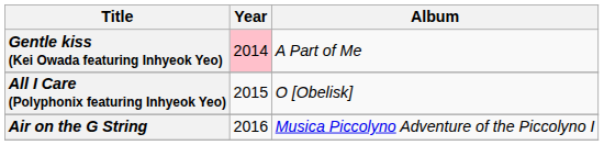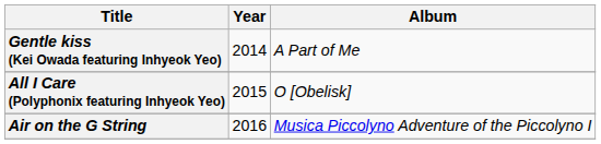 <table class="wikitable">
 <tr>
 <th>Title</th>
 <th>Year</th>
 <th>Album</th>
 </tr>
 <tr>
 <th style="text-align:left;"><strong><em>Gentle kiss</em></strong><br><small>(Kei Owada featuring Inhyeok Yeo)</small></th>
-<td style="background: pink;">2014</td>
+<td>2014</td>
 <td><em>A Part of Me</em></td>
 </tr>
 <tr>
 </tr>
 <tr>
 <th style="text-align:left;"><strong><em>All I Care</em></strong><br><small>(Polyphonix featuring Inhyeok Yeo)</small></th>
 <td>2015</td>
 <td><em>O [Obelisk]</em></td>
 </tr>
 <tr>
 </tr>
 <tr>
 <th style="text-align:left;"><strong><em>Air on the G String</em></strong></th>
 <td>2016</td>
 <td><em><a href='#'>Musica Piccolyno</a> Adventure of the Piccolyno I</em></td>
 </tr>
 <tr>
 </tr>
 </table>
